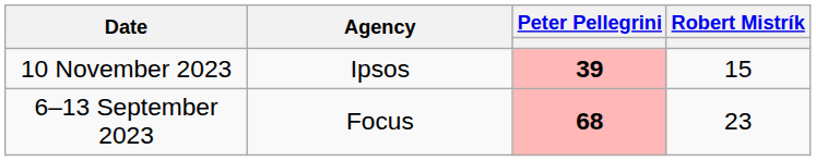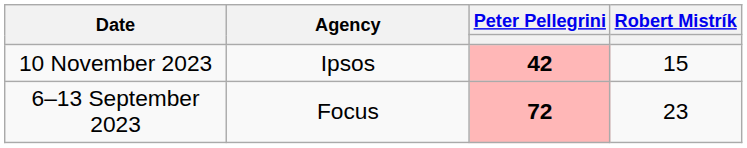 <table class="wikitable" style="text-align:center;">
 <tr style="font-size:80%;">
 <th style="width:150px;" rowspan="2">Date</th>
 <th style="width:165px;" rowspan="2">Agency</th>
 <th><a href='#'>Peter Pellegrini</a></th>
 <th><a href='#'>Robert Mistrík</a></th>
 </tr>
 <tr>
 <th style="background:"></th>
 <th style="background:"></th>
 </tr>
 <tr>
 <td>10 November 2023</td>
 <td>Ipsos</td>
-<td style="background:#FFB7B7;"><strong>39</strong></td>
+<td style="background:#FFB7B7;"><strong>42</strong></td>
 <td>15</td>
 </tr>
 <tr>
 <td>6–13 September 2023</td>
 <td>Focus</td>
-<td style="background:#FFB7B7;"><strong>68</strong></td>
+<td style="background:#FFB7B7;"><strong>72</strong></td>
 <td>23</td>
 </tr>
 </table>
